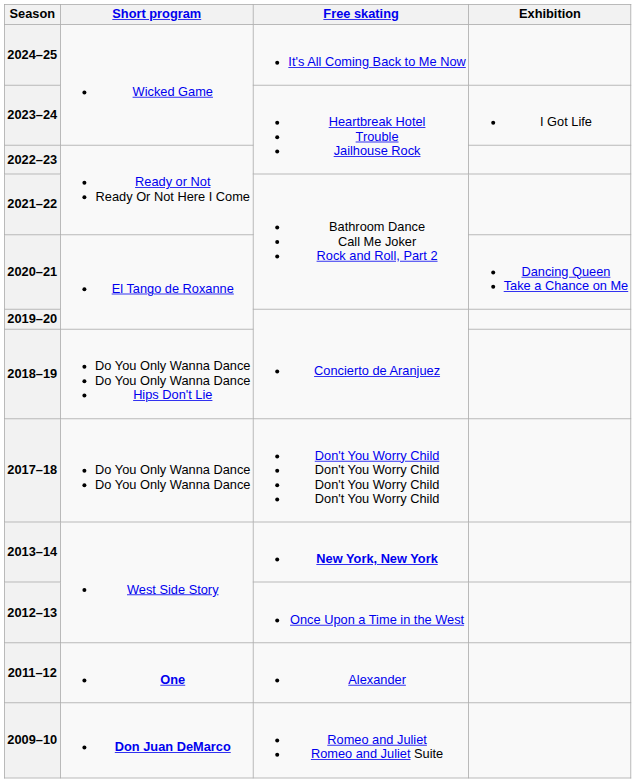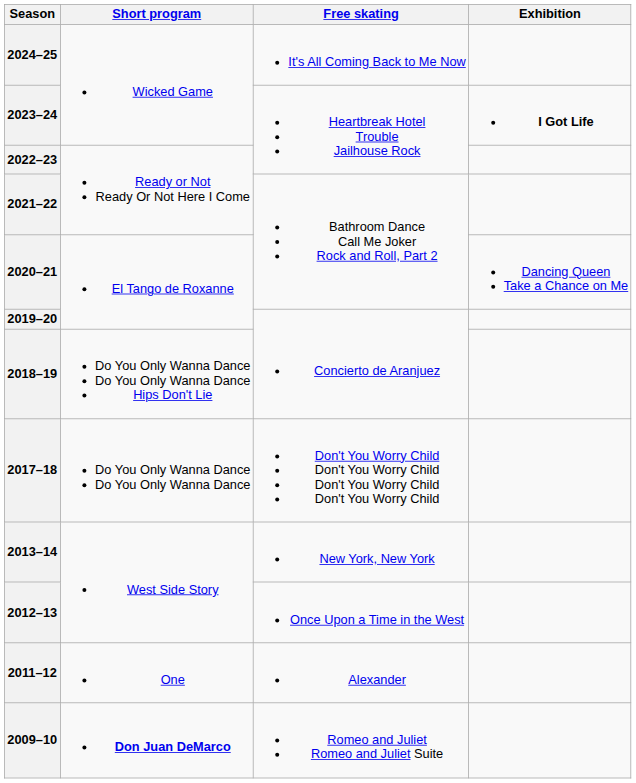 <table class=wikitable style=text-align:center>
 <tr>
 <th>Season</th>
 <th><a href='#'>Short program</a></th>
 <th><a href='#'>Free skating</a></th>
 <th>Exhibition</th>
 </tr>
 <tr>
 <th>2024–25 <br> </th>
 <td rowspan=2><br><ul><li><a href='#'>Wicked Game</a> <br> </li></ul></td>
 <td><br><ul><li><a href='#'>It's All Coming Back to Me Now</a> <br> </li></ul></td>
 <td></td>
 </tr>
 <tr>
 <th>2023–24 <br> </th>
 <td rowspan=2><br><ul><li><a href='#'>Heartbreak Hotel</a> <br></li><li><a href='#'>Trouble</a> <br> </li><li><a href='#'>Jailhouse Rock</a> <br> </li></ul></td>
-<td><br><ul><li>I Got Life <br> </li></ul></td>
+<td><strong><br><ul><li>I Got Life <br> </li></ul></strong></td>
 </tr>
 <tr>
 <th>2022–23 <br> </th>
 <td rowspan=2><br><ul><li><a href='#'>Ready or Not</a> <br> </li><li>Ready Or Not Here I Come  <br>  <br> </li></ul></td>
 <td></td>
 </tr>
 <tr>
 <th>2021–22 <br> </th>
 <td rowspan=2><br><ul><li>Bathroom Dance</li><li>Call Me Joker <br> </li><li><a href='#'>Rock and Roll, Part 2</a> <br>  <br> </li></ul></td>
 <td></td>
 </tr>
 <tr>
 <th>2020–21 <br> </th>
 <td rowspan=2><br><ul><li><a href='#'>El Tango de Roxanne</a> <br> </li></ul></td>
 <td><br><ul><li><a href='#'>Dancing Queen</a></li><li><a href='#'>Take a Chance on Me</a> <br> </li></ul></td>
 </tr>
 <tr>
 <th>2019–20 <br> </th>
 <td rowspan=2><br><ul><li><a href='#'>Concierto de Aranjuez</a> <br></li></ul></td>
 <td></td>
 </tr>
 <tr>
 <th>2018–19 <br> </th>
 <td><br><ul><li>Do You Only Wanna Dance <br></li><li>Do You Only Wanna Dance <br></li><li><a href='#'>Hips Don't Lie</a> <br></li></ul></td>
 <td></td>
 </tr>
 <tr>
 <th>2017–18 <br> </th>
 <td><br><ul><li>Do You Only Wanna Dance <br></li><li>Do You Only Wanna Dance <br></li></ul></td>
 <td><br><ul><li><a href='#'>Don't You Worry Child</a> <br></li><li>Don't You Worry Child <br></li><li>Don't You Worry Child <br></li><li>Don't You Worry Child <br></li></ul></td>
 <td></td>
 </tr>
 <tr>
 <th>2013–14 <br> </th>
 <td rowspan=2><br><ul><li><a href='#'>West Side Story</a> <br></li></ul></td>
-<td><strong><br><ul><li><a href='#'>New York, New York</a> <br></li></ul></strong></td>
+<td><br><ul><li><a href='#'>New York, New York</a> <br></li></ul></td>
 <td></td>
 </tr>
 <tr>
 <th>2012–13 <br> </th>
 <td><br><ul><li><a href='#'>Once Upon a Time in the West</a> <br></li></ul></td>
 <td></td>
 </tr>
 <tr>
 <th>2011–12 <br> </th>
-<td><strong><br><ul><li><a href='#'>One</a> <br></li></ul></strong></td>
+<td><br><ul><li><a href='#'>One</a> <br></li></ul></td>
 <td><br><ul><li><a href='#'>Alexander</a> <br></li></ul></td>
 <td></td>
 </tr>
 <tr>
 <th>2009–10 <br> </th>
 <td><strong><br><ul><li><a href='#'>Don Juan DeMarco</a> <br></li></ul></strong></td>
 <td><br><ul><li><a href='#'>Romeo and Juliet</a> <br></li><li><a href='#'>Romeo and Juliet</a> Suite <br></li></ul></td>
 <td></td>
 </tr>
 </table>
